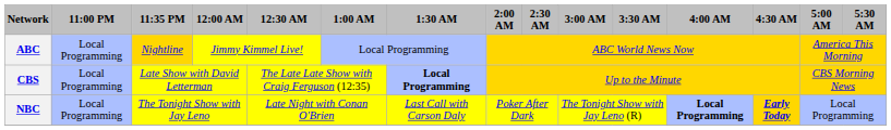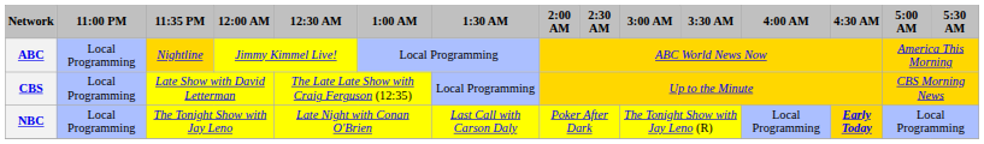 <table class="wikitable" style="width:100%;margin-right:0;text-align:center">
 <tr>
 <th colspan="1" style="background-color:#C0C0C0;text-align:center">Network</th>
 <th style="background-color:#C0C0C0;text-align:center">11:00 PM</th>
 <th style="background-color:#C0C0C0;text-align:center">11:35 PM</th>
 <th style="background-color:#C0C0C0;text-align:center">12:00 AM</th>
 <th style="background-color:#C0C0C0;text-align:center">12:30 AM</th>
 <th style="background-color:#C0C0C0;text-align:center">1:00 AM</th>
 <th style="background-color:#C0C0C0;text-align:center">1:30 AM</th>
 <th style="background-color:#C0C0C0;text-align:center">2:00 AM</th>
 <th style="background-color:#C0C0C0;text-align:center">2:30 AM</th>
 <th style="background-color:#C0C0C0;text-align:center">3:00 AM</th>
 <th style="background-color:#C0C0C0;text-align:center">3:30 AM</th>
 <th style="background-color:#C0C0C0;text-align:center">4:00 AM</th>
 <th style="background-color:#C0C0C0;text-align:center">4:30 AM</th>
 <th style="background-color:#C0C0C0;text-align:center">5:00 AM</th>
 <th style="background-color:#C0C0C0;text-align:center">5:30 AM</th>
 </tr>
 <tr>
 <th colspan="1"><a href='#'>ABC</a></th>
 <td colspan="1" style="background:#abbfff">Local Programming</td>
 <td colspan="1" style="background:gold"><em><a href='#'>Nightline</a></em></td>
 <td colspan="2" style="background:yellow"><em><a href='#'>Jimmy Kimmel Live!</a></em></td>
 <td colspan="2" style="background:#abbfff">Local Programming</td>
 <td colspan="6" style="background:gold"><em><a href='#'>ABC World News Now</a></em></td>
 <td colspan="2" style="background:gold"><em><a href='#'>America This Morning</a></em></td>
 </tr>
 <tr>
 <th colspan="1"><a href='#'>CBS</a></th>
 <td colspan="1" style="background:#abbfff">Local Programming</td>
 <td colspan="2" style="background:yellow"><em><a href='#'>Late Show with David Letterman</a></em></td>
 <td colspan="2" style="background:yellow"><em><a href='#'>The Late Late Show with Craig Ferguson</a></em> (12:35)</td>
-<td colspan="1" style="background:#abbfff"><strong>Local Programming</strong></td>
+<td colspan="1" style="background:#abbfff">Local Programming</td>
 <td colspan="6" style="background:gold"><em><a href='#'>Up to the Minute</a></em></td>
 <td colspan="2" style="background:gold"><em><a href='#'>CBS Morning News</a></em></td>
 </tr>
 <tr>
 <th colspan="1"><a href='#'>NBC</a></th>
 <td colspan="1" style="background:#abbfff">Local Programming</td>
 <td colspan="2" style="background:yellow"><em><a href='#'>The Tonight Show with Jay Leno</a></em></td>
 <td colspan="2" style="background:yellow"><em><a href='#'>Late Night with Conan O'Brien</a></em></td>
 <td colspan="1" style="background:yellow"><em><a href='#'>Last Call with Carson Daly</a></em></td>
 <td colspan="2" style="background:yellow"><em><a href='#'>Poker After Dark</a></em></td>
 <td colspan="2" style="background:yellow"><em><a href='#'>The Tonight Show with Jay Leno</a></em> (R)</td>
-<td colspan="1" style="background:#abbfff"><strong>Local Programming</strong></td>
+<td colspan="1" style="background:#abbfff">Local Programming</td>
 <td colspan="1" style="background:gold"><strong><em><a href='#'>Early Today</a></em></strong></td>
 <td colspan="2" style="background:#abbfff">Local Programming</td>
 </tr>
 <tr>
 </tr>
 </table>
